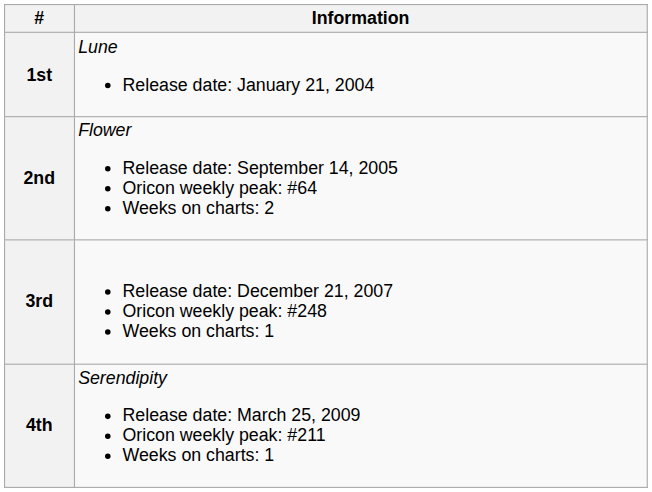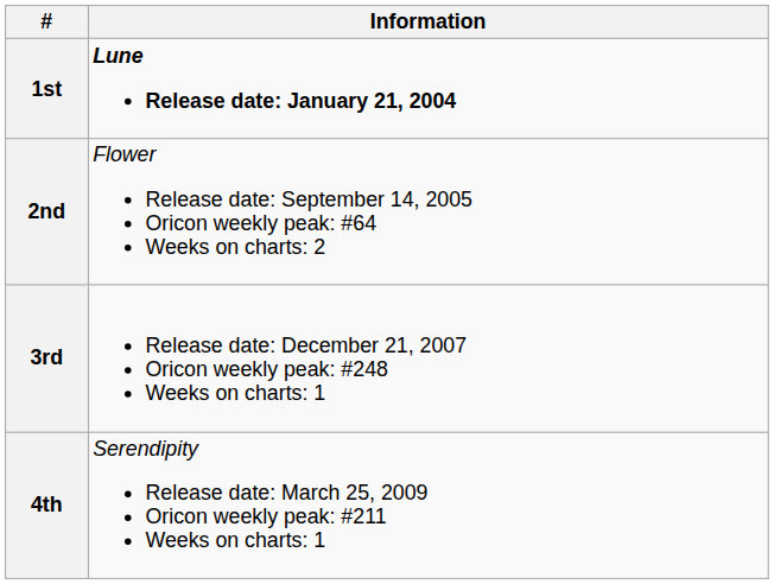 <table class="wikitable" width="580px">
 <tr>
 <th align="left">#</th>
 <th align="left">Information</th>
 </tr>
 <tr>
 <th align="left">1st</th>
-<td align="left"><em>Lune</em><br><ul><li>Release date: January 21, 2004</li></ul></td>
+<td align="left"><strong><em>Lune</em><br><ul><li>Release date: January 21, 2004</li></ul></strong></td>
 </tr>
 <tr>
 <th align="left">2nd</th>
 <td align="left"><em>Flower</em><br><ul><li>Release date: September 14, 2005</li><li>Oricon weekly peak: #64</li><li>Weeks on charts: 2</li></ul></td>
 </tr>
 <tr>
 <th align="left">3rd</th>
 <td align="left"><br><ul><li>Release date: December 21, 2007</li><li>Oricon weekly peak: #248</li><li>Weeks on charts: 1</li></ul></td>
 </tr>
 <tr>
 <th align="left">4th</th>
 <td align="left"><em>Serendipity</em><br><ul><li>Release date: March 25, 2009</li><li>Oricon weekly peak: #211</li><li>Weeks on charts: 1</li></ul></td>
 </tr>
 </table>
